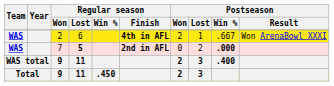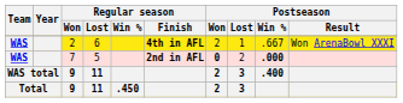 <table class="wikitable" style="font-size: 95%; text-align:center;">
 <tr>
 <th rowspan=2>Team</th>
 <th rowspan=2>Year</th>
 <th colspan=4>Regular season</th>
 <th colspan=4>Postseason</th>
 </tr>
 <tr>
 <th>Won</th>
 <th>Lost</th>
 <th>Win %</th>
 <th>Finish</th>
 <th>Won</th>
 <th>Lost</th>
 <th>Win %</th>
 <th>Result</th>
 </tr>
 <tr>
 </tr>
 <tr ! style="background:#FDE910;">
 <th><a href='#'>WAS</a></th>
 <th></th>
 <td>2</td>
 <td>6</td>
 <td></td>
 <td><strong>4th in AFL</strong></td>
 <td>2</td>
 <td>1</td>
 <td>.667</td>
 <td>Won <a href='#'>ArenaBowl XXXI</a></td>
 </tr>
 <tr ! style="background:#fdd;">
 <th><a href='#'>WAS</a></th>
 <th></th>
 <td>7</td>
-<td><strong>5</strong></td>
+<td>5</td>
 <td></td>
 <td><strong>2nd in AFL</strong></td>
-<td>0</td>
+<td><strong>0</strong></td>
 <td>2</td>
 <td><strong>.000</strong></td>
 <td></td>
 </tr>
 <tr>
 <th colspan="2">WAS total</th>
 <th>9</th>
 <th>11</th>
 <th></th>
 <th></th>
 <th>2</th>
 <th>3</th>
 <th>.400</th>
 <th></th>
 </tr>
 <tr ! style="background:#FDE910;">
 <th colspan=2>Total</th>
 <th>9</th>
 <th>11</th>
 <th>.450</th>
 <th></th>
 <th>2</th>
 <th>3</th>
 <th></th>
 <th></th>
 </tr>
 </table>
